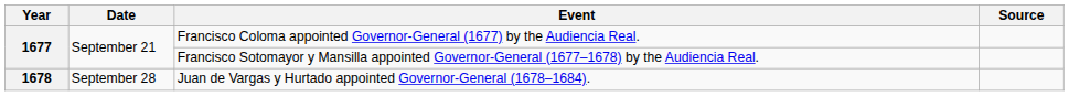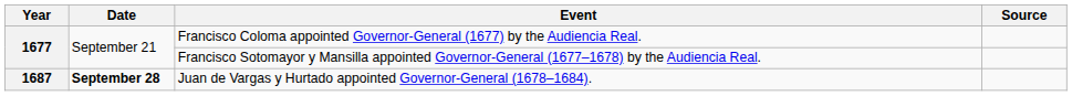 <table class="wikitable toptextcells" style="width:100%;">
 <tr>
 <th scope="col" style="width:6%;">Year</th>
 <th scope="col" style="width:10%;">Date</th>
 <th scope="col">Event</th>
 <th scope="col" style="width:8%;">Source</th>
 </tr>
 <tr>
 <th scope="row" rowspan="2">1677</th>
 <td rowspan="2">September 21</td>
 <td>Francisco Coloma appointed <a href='#'>Governor-General (1677)</a> by the <a href='#'>Audiencia Real</a>.</td>
 <td></td>
 </tr>
 <tr>
 <td>Francisco Sotomayor y Mansilla appointed <a href='#'>Governor-General (1677–1678)</a> by the <a href='#'>Audiencia Real</a>.</td>
 <td></td>
 </tr>
 <tr>
-<th scope="row">1678</th>
-<td>September 28</td>
+<th scope="row">1687</th>
+<td><strong>September 28</strong></td>
 <td>Juan de Vargas y Hurtado appointed <a href='#'>Governor-General (1678–1684)</a>.</td>
 <td></td>
 </tr>
 </table>
